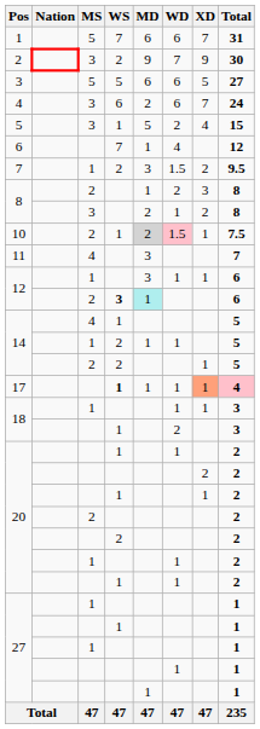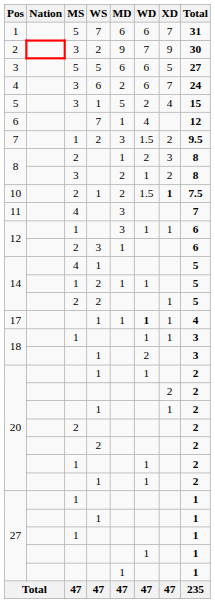 <table class="wikitable" style="text-align:center">
 <tr>
 <th>Pos</th>
 <th>Nation</th>
 <th>MS</th>
 <th>WS</th>
 <th>MD</th>
 <th>WD</th>
 <th>XD</th>
 <th>Total</th>
 </tr>
 <tr>
 <td>1</td>
 <td align="left"></td>
 <td>5</td>
 <td>7</td>
 <td>6</td>
 <td>6</td>
 <td>7</td>
 <td><strong>31</strong></td>
 </tr>
 <tr>
 <td>2</td>
 <td align="left" style="border: 3px solid red"></td>
 <td>3</td>
 <td>2</td>
 <td>9</td>
 <td>7</td>
 <td>9</td>
 <td><strong>30</strong></td>
 </tr>
 <tr>
 <td>3</td>
 <td align="left"></td>
 <td>5</td>
 <td>5</td>
 <td>6</td>
 <td>6</td>
 <td>5</td>
 <td><strong>27</strong></td>
 </tr>
 <tr>
 <td>4</td>
 <td align="left"><em></em></td>
 <td>3</td>
 <td>6</td>
 <td>2</td>
 <td>6</td>
 <td>7</td>
 <td><strong>24</strong></td>
 </tr>
 <tr>
 <td>5</td>
 <td align="left"></td>
 <td>3</td>
 <td>1</td>
 <td>5</td>
 <td>2</td>
 <td>4</td>
 <td><strong>15</strong></td>
 </tr>
 <tr>
 <td>6</td>
 <td align="left"></td>
 <td></td>
 <td>7</td>
 <td>1</td>
 <td>4</td>
 <td></td>
 <td><strong>12</strong></td>
 </tr>
 <tr>
 <td>7</td>
 <td align="left"></td>
 <td>1</td>
 <td>2</td>
 <td>3</td>
 <td>1.5</td>
 <td>2</td>
 <td><strong>9.5</strong></td>
 </tr>
 <tr>
 <td rowspan="2">8</td>
 <td align="left"></td>
 <td>2</td>
 <td></td>
 <td>1</td>
 <td>2</td>
 <td>3</td>
 <td><strong>8</strong></td>
 </tr>
 <tr>
 <td align="left"></td>
 <td>3</td>
 <td></td>
 <td>2</td>
 <td>1</td>
 <td>2</td>
 <td><strong>8</strong></td>
 </tr>
 <tr>
 <td>10</td>
 <td align="left"></td>
 <td>2</td>
 <td>1</td>
-<td style="background: lightgrey;">2</td>
-<td style="background: pink;">1.5</td>
-<td>1</td>
+<td>2</td>
+<td>1.5</td>
+<td><strong>1</strong></td>
 <td><strong>7.5</strong></td>
 </tr>
 <tr>
 <td>11</td>
 <td align="left"><em></em></td>
 <td>4</td>
 <td></td>
 <td>3</td>
 <td></td>
 <td></td>
 <td><strong>7</strong></td>
 </tr>
 <tr>
 <td rowspan="2">12</td>
 <td align="left"></td>
 <td>1</td>
 <td></td>
 <td>3</td>
 <td>1</td>
 <td>1</td>
 <td><strong>6</strong></td>
 </tr>
 <tr>
 <td align="left"></td>
 <td>2</td>
-<td><strong>3</strong></td>
-<td style="background: paleturquoise;">1</td>
+<td>3</td>
+<td>1</td>
 <td></td>
 <td></td>
 <td><strong>6</strong></td>
 </tr>
 <tr>
 <td rowspan="3">14</td>
 <td align="left"></td>
 <td>4</td>
 <td>1</td>
 <td></td>
 <td></td>
 <td></td>
 <td><strong>5</strong></td>
 </tr>
 <tr>
 <td align="left"></td>
 <td>1</td>
 <td>2</td>
 <td>1</td>
 <td>1</td>
 <td></td>
 <td><strong>5</strong></td>
 </tr>
 <tr>
 <td align="left"></td>
 <td>2</td>
 <td>2</td>
 <td></td>
 <td></td>
 <td>1</td>
 <td><strong>5</strong></td>
 </tr>
 <tr>
 <td>17</td>
 <td align="left"></td>
 <td></td>
+<td>1</td>
+<td>1</td>
 <td><strong>1</strong></td>
 <td>1</td>
-<td>1</td>
-<td style="background: lightsalmon;">1</td>
-<td style="background: pink;"><strong>4</strong></td>
+<td><strong>4</strong></td>
 </tr>
 <tr>
 <td rowspan="2">18</td>
 <td align="left"></td>
 <td>1</td>
 <td></td>
 <td></td>
 <td>1</td>
 <td>1</td>
 <td><strong>3</strong></td>
 </tr>
 <tr>
 <td align="left"></td>
 <td></td>
 <td>1</td>
 <td></td>
 <td>2</td>
 <td></td>
 <td><strong>3</strong></td>
 </tr>
 <tr>
 <td rowspan="7">20</td>
 <td align="left"></td>
 <td></td>
 <td>1</td>
 <td></td>
 <td>1</td>
 <td></td>
 <td><strong>2</strong></td>
 </tr>
 <tr>
 <td align="left"></td>
 <td></td>
 <td></td>
 <td></td>
 <td></td>
 <td>2</td>
 <td><strong>2</strong></td>
 </tr>
 <tr>
 <td align="left"><em></em></td>
 <td></td>
 <td>1</td>
 <td></td>
 <td></td>
 <td>1</td>
 <td><strong>2</strong></td>
 </tr>
 <tr>
 <td align="left"></td>
 <td>2</td>
 <td></td>
 <td></td>
 <td></td>
 <td></td>
 <td><strong>2</strong></td>
 </tr>
 <tr>
 <td align="left"></td>
 <td></td>
 <td>2</td>
 <td></td>
 <td></td>
 <td></td>
 <td><strong>2</strong></td>
 </tr>
 <tr>
 <td align="left"></td>
 <td>1</td>
 <td></td>
 <td></td>
 <td>1</td>
 <td></td>
 <td><strong>2</strong></td>
 </tr>
 <tr>
 <td align="left"></td>
 <td></td>
 <td>1</td>
 <td></td>
 <td>1</td>
 <td></td>
 <td><strong>2</strong></td>
 </tr>
 <tr>
 <td rowspan="5">27</td>
 <td align="left"></td>
 <td>1</td>
 <td></td>
 <td></td>
 <td></td>
 <td></td>
 <td><strong>1</strong></td>
 </tr>
 <tr>
 <td align="left"></td>
 <td></td>
 <td>1</td>
 <td></td>
 <td></td>
 <td></td>
 <td><strong>1</strong></td>
 </tr>
 <tr>
 <td align="left"></td>
 <td>1</td>
 <td></td>
 <td></td>
 <td></td>
 <td></td>
 <td><strong>1</strong></td>
 </tr>
 <tr>
 <td align="left"></td>
 <td></td>
 <td></td>
 <td></td>
 <td>1</td>
 <td></td>
 <td><strong>1</strong></td>
 </tr>
 <tr>
 <td align="left"></td>
 <td></td>
 <td></td>
 <td>1</td>
 <td></td>
 <td></td>
 <td><strong>1</strong></td>
 </tr>
 <tr>
 <th colspan="2">Total</th>
 <th>47</th>
 <th>47</th>
 <th>47</th>
 <th>47</th>
 <th>47</th>
 <th>235</th>
 </tr>
 </table>
